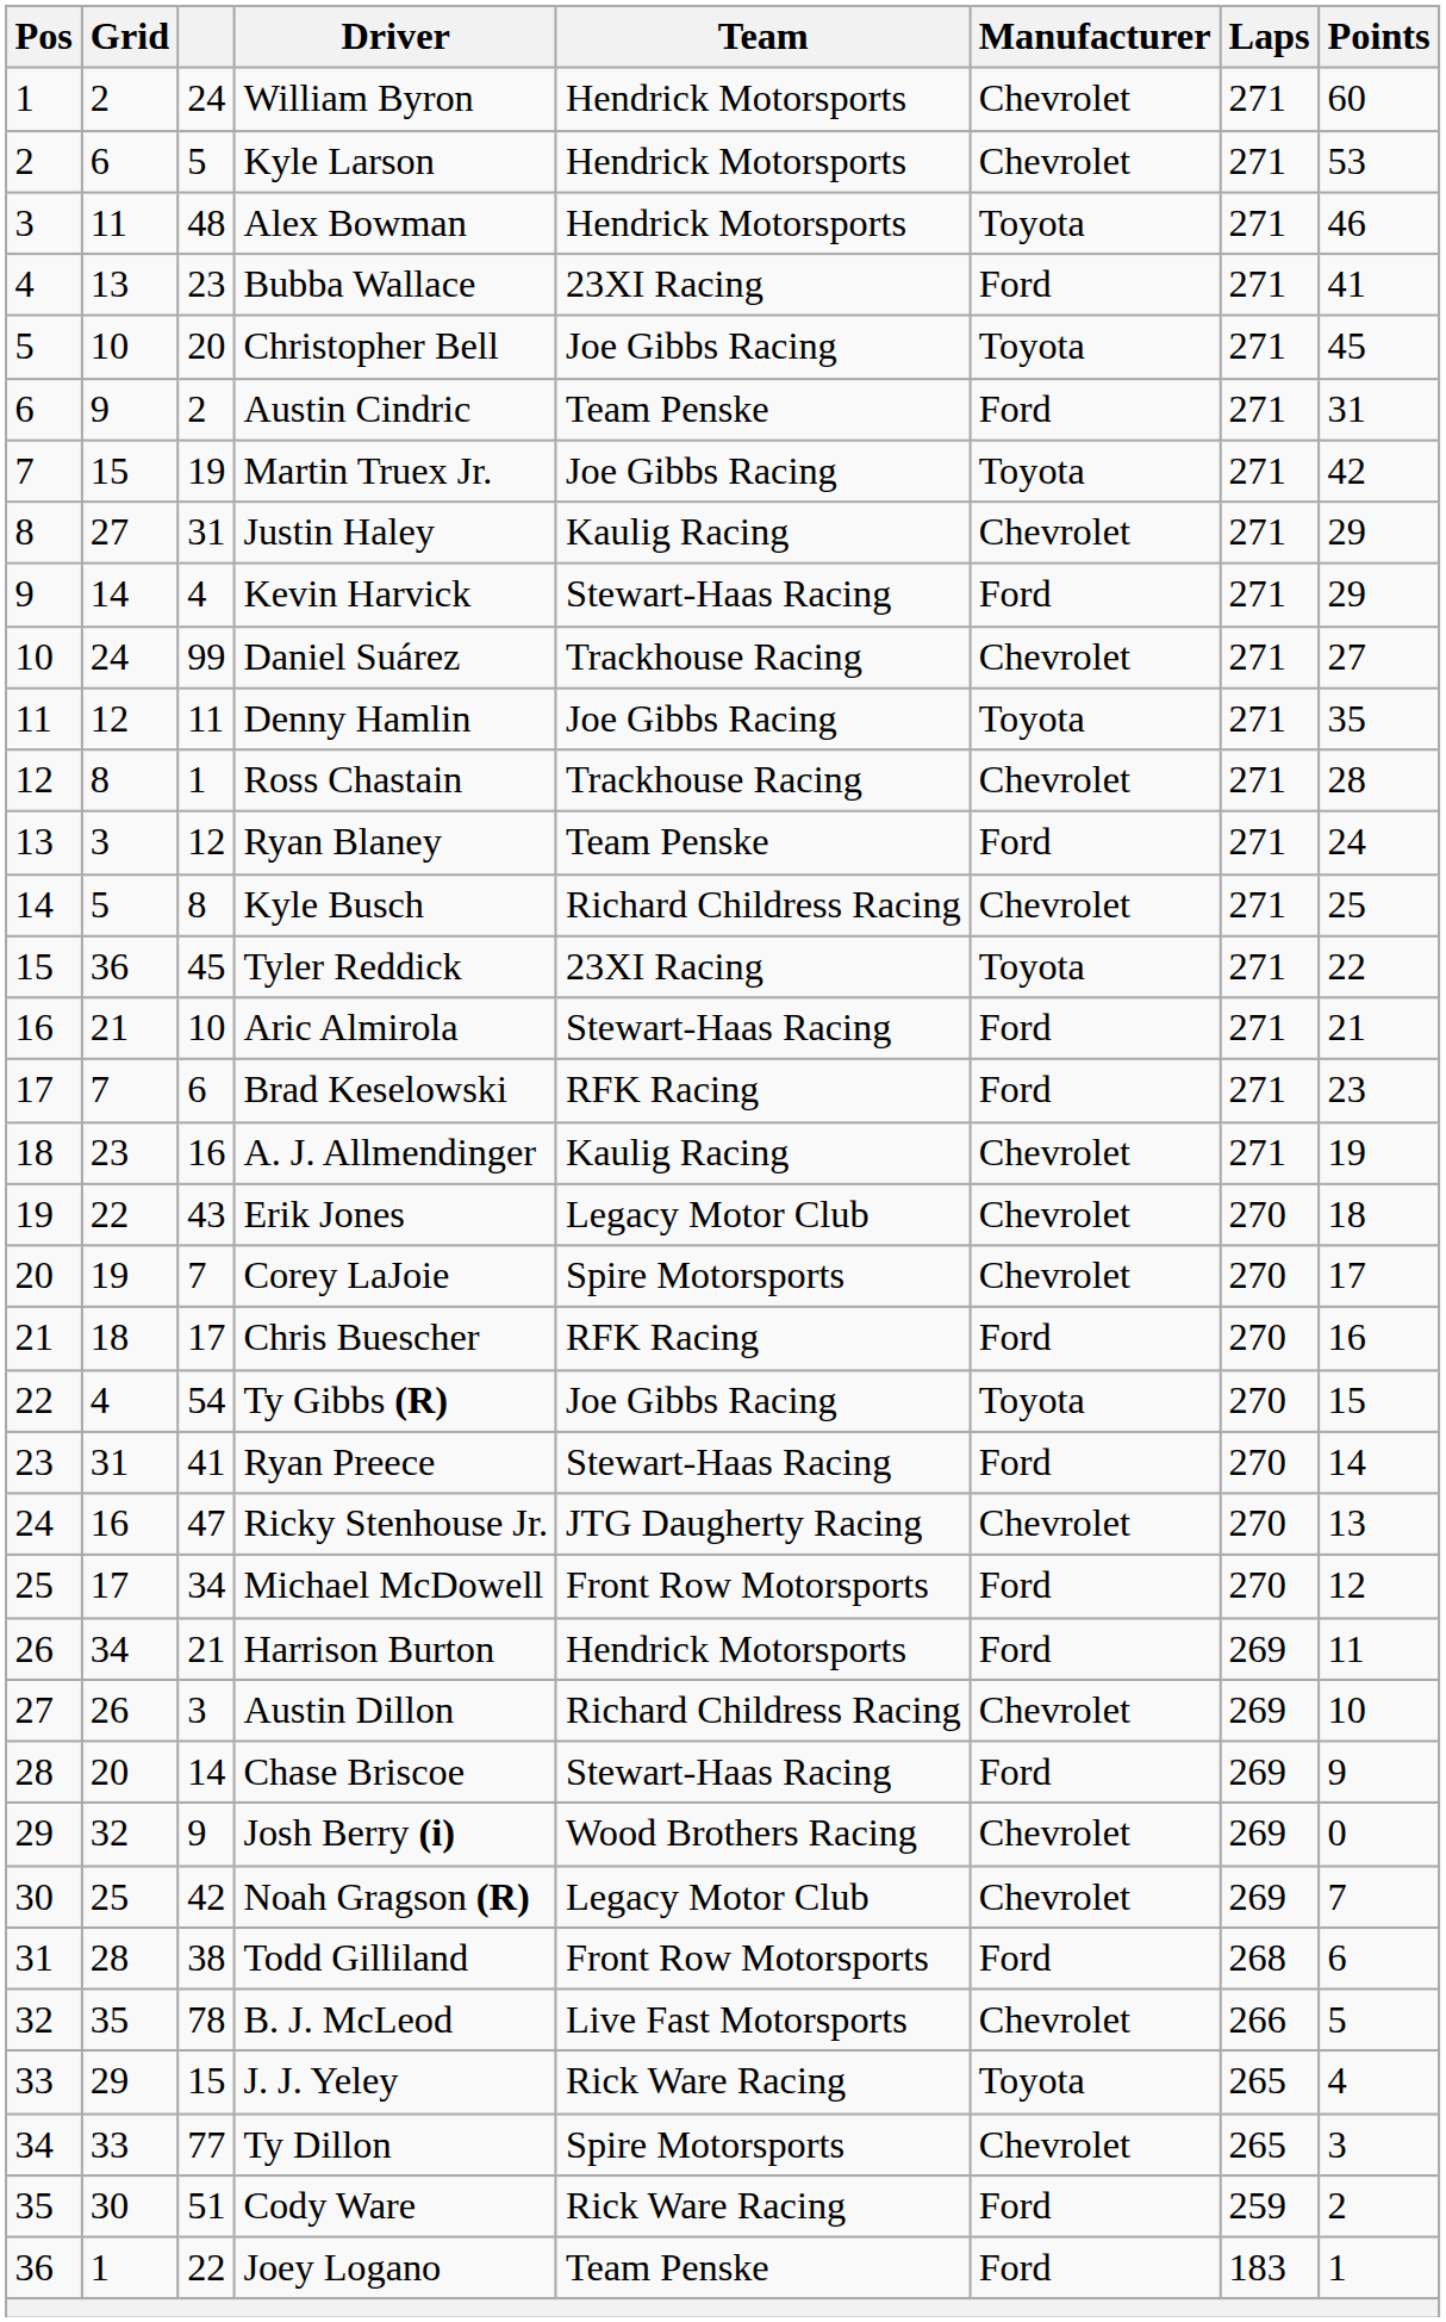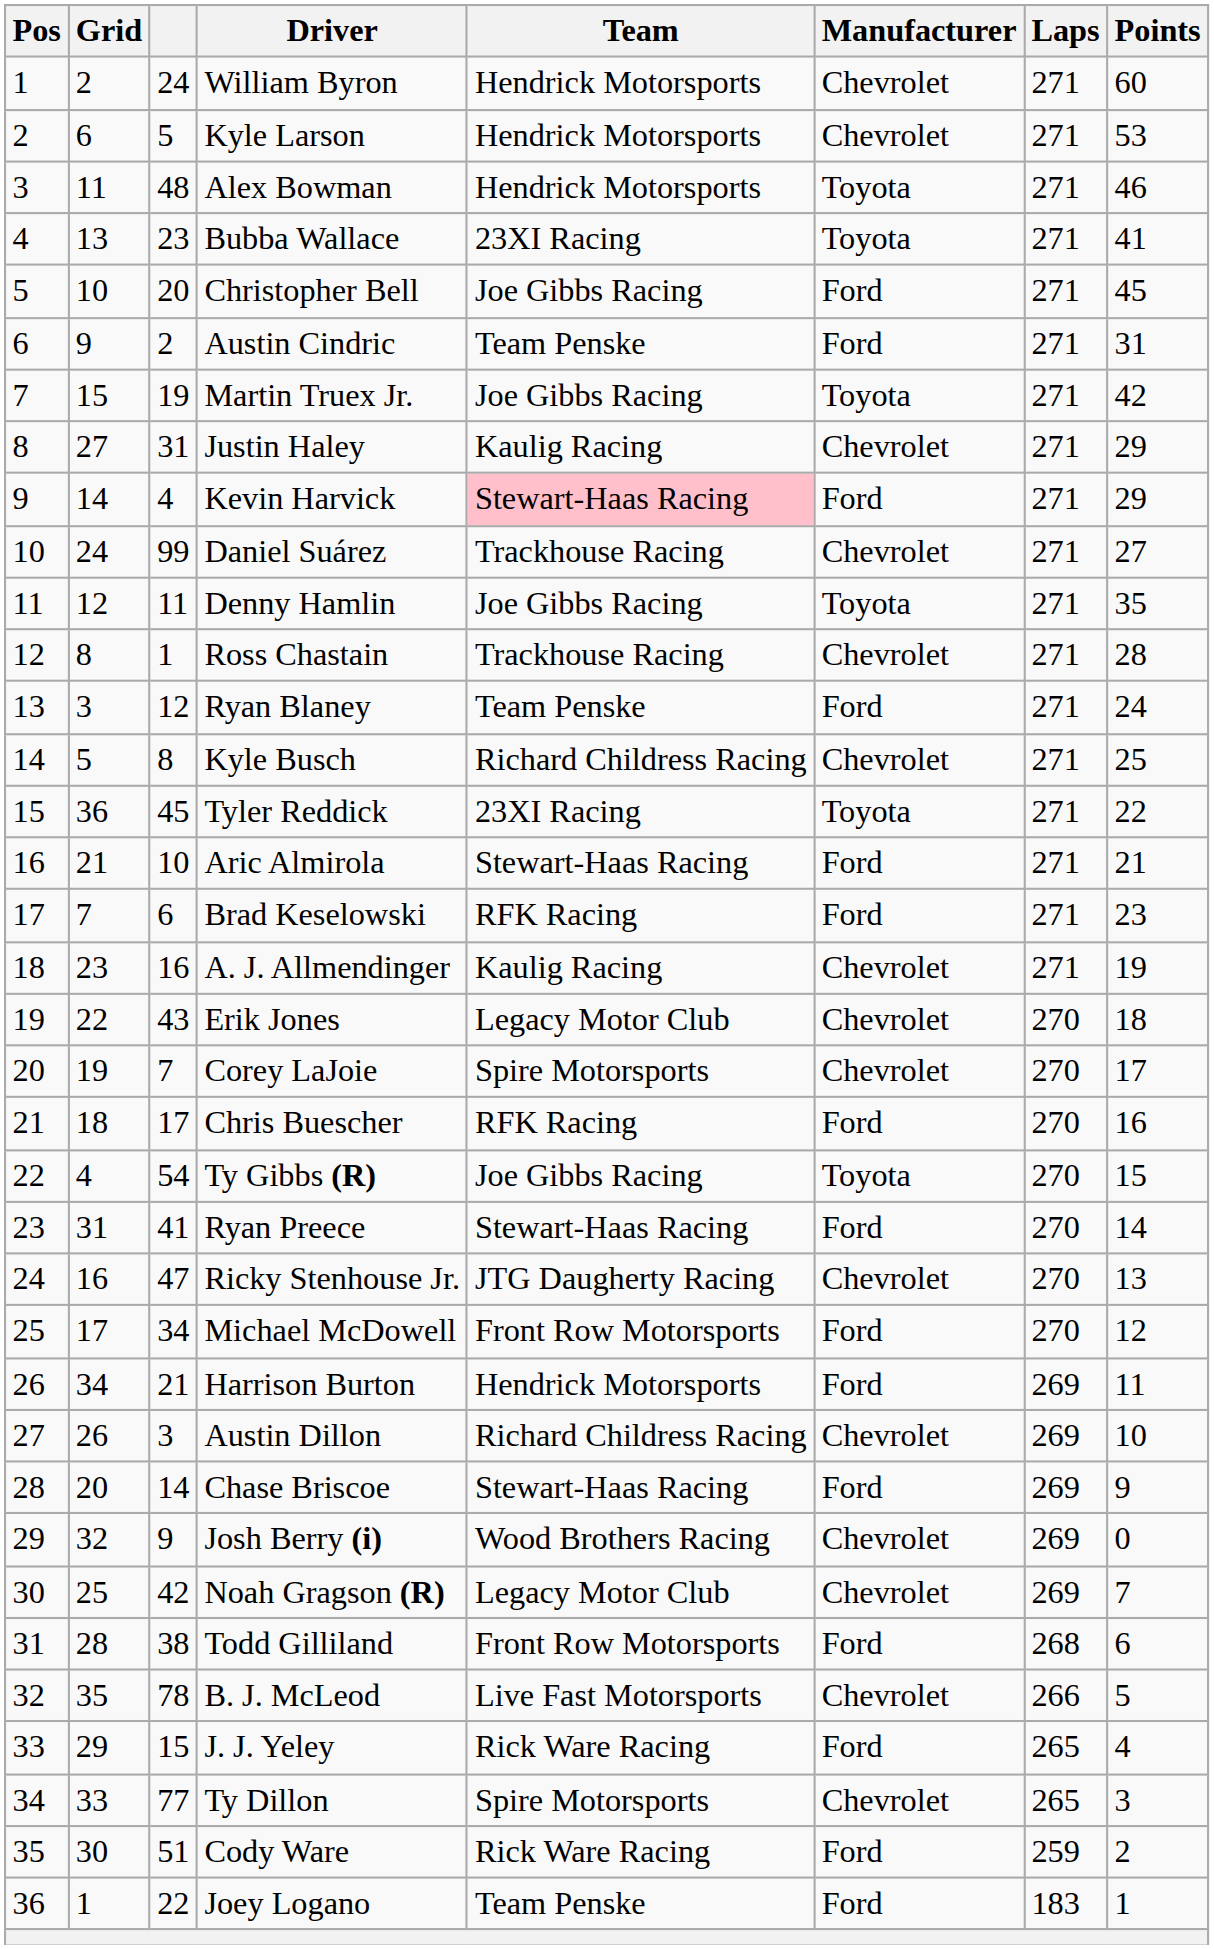 <table class="wikitable" style="font-size:98%">
 <tr>
 <th>Pos</th>
 <th>Grid</th>
 <th></th>
 <th>Driver</th>
 <th>Team</th>
 <th>Manufacturer</th>
 <th>Laps</th>
 <th>Points</th>
 </tr>
 <tr>
 <td>1</td>
 <td>2</td>
 <td>24</td>
 <td>William Byron</td>
 <td>Hendrick Motorsports</td>
 <td>Chevrolet</td>
 <td>271</td>
 <td>60</td>
 </tr>
 <tr>
 <td>2</td>
 <td>6</td>
 <td>5</td>
 <td>Kyle Larson</td>
 <td>Hendrick Motorsports</td>
 <td>Chevrolet</td>
 <td>271</td>
 <td>53</td>
 </tr>
 <tr>
 <td>3</td>
 <td>11</td>
 <td>48</td>
 <td>Alex Bowman</td>
 <td>Hendrick Motorsports</td>
 <td>Toyota</td>
 <td>271</td>
 <td>46</td>
 </tr>
 <tr>
 <td>4</td>
 <td>13</td>
 <td>23</td>
 <td>Bubba Wallace</td>
 <td>23XI Racing</td>
-<td>Ford</td>
+<td>Toyota</td>
 <td>271</td>
 <td>41</td>
 </tr>
 <tr>
 <td>5</td>
 <td>10</td>
 <td>20</td>
 <td>Christopher Bell</td>
 <td>Joe Gibbs Racing</td>
-<td>Toyota</td>
+<td>Ford</td>
 <td>271</td>
 <td>45</td>
 </tr>
 <tr>
 <td>6</td>
 <td>9</td>
 <td>2</td>
 <td>Austin Cindric</td>
 <td>Team Penske</td>
 <td>Ford</td>
 <td>271</td>
 <td>31</td>
 </tr>
 <tr>
 <td>7</td>
 <td>15</td>
 <td>19</td>
 <td>Martin Truex Jr.</td>
 <td>Joe Gibbs Racing</td>
 <td>Toyota</td>
 <td>271</td>
 <td>42</td>
 </tr>
 <tr>
 <td>8</td>
 <td>27</td>
 <td>31</td>
 <td>Justin Haley</td>
 <td>Kaulig Racing</td>
 <td>Chevrolet</td>
 <td>271</td>
 <td>29</td>
 </tr>
 <tr>
 <td>9</td>
 <td>14</td>
 <td>4</td>
 <td>Kevin Harvick</td>
-<td>Stewart-Haas Racing</td>
+<td style="background: pink;">Stewart-Haas Racing</td>
 <td>Ford</td>
 <td>271</td>
 <td>29</td>
 </tr>
 <tr>
 <td>10</td>
 <td>24</td>
 <td>99</td>
 <td>Daniel Suárez</td>
 <td>Trackhouse Racing</td>
 <td>Chevrolet</td>
 <td>271</td>
 <td>27</td>
 </tr>
 <tr>
 <td>11</td>
 <td>12</td>
 <td>11</td>
 <td>Denny Hamlin</td>
 <td>Joe Gibbs Racing</td>
 <td>Toyota</td>
 <td>271</td>
 <td>35</td>
 </tr>
 <tr>
 <td>12</td>
 <td>8</td>
 <td>1</td>
 <td>Ross Chastain</td>
 <td>Trackhouse Racing</td>
 <td>Chevrolet</td>
 <td>271</td>
 <td>28</td>
 </tr>
 <tr>
 <td>13</td>
 <td>3</td>
 <td>12</td>
 <td>Ryan Blaney</td>
 <td>Team Penske</td>
 <td>Ford</td>
 <td>271</td>
 <td>24</td>
 </tr>
 <tr>
 <td>14</td>
 <td>5</td>
 <td>8</td>
 <td>Kyle Busch</td>
 <td>Richard Childress Racing</td>
 <td>Chevrolet</td>
 <td>271</td>
 <td>25</td>
 </tr>
 <tr>
 <td>15</td>
 <td>36</td>
 <td>45</td>
 <td>Tyler Reddick</td>
 <td>23XI Racing</td>
 <td>Toyota</td>
 <td>271</td>
 <td>22</td>
 </tr>
 <tr>
 <td>16</td>
 <td>21</td>
 <td>10</td>
 <td>Aric Almirola</td>
 <td>Stewart-Haas Racing</td>
 <td>Ford</td>
 <td>271</td>
 <td>21</td>
 </tr>
 <tr>
 <td>17</td>
 <td>7</td>
 <td>6</td>
 <td>Brad Keselowski</td>
 <td>RFK Racing</td>
 <td>Ford</td>
 <td>271</td>
 <td>23</td>
 </tr>
 <tr>
 <td>18</td>
 <td>23</td>
 <td>16</td>
 <td>A. J. Allmendinger</td>
 <td>Kaulig Racing</td>
 <td>Chevrolet</td>
 <td>271</td>
 <td>19</td>
 </tr>
 <tr>
 <td>19</td>
 <td>22</td>
 <td>43</td>
 <td>Erik Jones</td>
 <td>Legacy Motor Club</td>
 <td>Chevrolet</td>
 <td>270</td>
 <td>18</td>
 </tr>
 <tr>
 <td>20</td>
 <td>19</td>
 <td>7</td>
 <td>Corey LaJoie</td>
 <td>Spire Motorsports</td>
 <td>Chevrolet</td>
 <td>270</td>
 <td>17</td>
 </tr>
 <tr>
 <td>21</td>
 <td>18</td>
 <td>17</td>
 <td>Chris Buescher</td>
 <td>RFK Racing</td>
 <td>Ford</td>
 <td>270</td>
 <td>16</td>
 </tr>
 <tr>
 <td>22</td>
 <td>4</td>
 <td>54</td>
 <td>Ty Gibbs <strong>(R)</strong></td>
 <td>Joe Gibbs Racing</td>
 <td>Toyota</td>
 <td>270</td>
 <td>15</td>
 </tr>
 <tr>
 <td>23</td>
 <td>31</td>
 <td>41</td>
 <td>Ryan Preece</td>
 <td>Stewart-Haas Racing</td>
 <td>Ford</td>
 <td>270</td>
 <td>14</td>
 </tr>
 <tr>
 <td>24</td>
 <td>16</td>
 <td>47</td>
 <td>Ricky Stenhouse Jr.</td>
 <td>JTG Daugherty Racing</td>
 <td>Chevrolet</td>
 <td>270</td>
 <td>13</td>
 </tr>
 <tr>
 <td>25</td>
 <td>17</td>
 <td>34</td>
 <td>Michael McDowell</td>
 <td>Front Row Motorsports</td>
 <td>Ford</td>
 <td>270</td>
 <td>12</td>
 </tr>
 <tr>
 <td>26</td>
 <td>34</td>
 <td>21</td>
 <td>Harrison Burton</td>
 <td>Hendrick Motorsports</td>
 <td>Ford</td>
 <td>269</td>
 <td>11</td>
 </tr>
 <tr>
 <td>27</td>
 <td>26</td>
 <td>3</td>
 <td>Austin Dillon</td>
 <td>Richard Childress Racing</td>
 <td>Chevrolet</td>
 <td>269</td>
 <td>10</td>
 </tr>
 <tr>
 <td>28</td>
 <td>20</td>
 <td>14</td>
 <td>Chase Briscoe</td>
 <td>Stewart-Haas Racing</td>
 <td>Ford</td>
 <td>269</td>
 <td>9</td>
 </tr>
 <tr>
 <td>29</td>
 <td>32</td>
 <td>9</td>
 <td>Josh Berry <strong>(i)</strong></td>
 <td>Wood Brothers Racing</td>
 <td>Chevrolet</td>
 <td>269</td>
 <td>0</td>
 </tr>
 <tr>
 <td>30</td>
 <td>25</td>
 <td>42</td>
 <td>Noah Gragson <strong>(R)</strong></td>
 <td>Legacy Motor Club</td>
 <td>Chevrolet</td>
 <td>269</td>
 <td>7</td>
 </tr>
 <tr>
 <td>31</td>
 <td>28</td>
 <td>38</td>
 <td>Todd Gilliland</td>
 <td>Front Row Motorsports</td>
 <td>Ford</td>
 <td>268</td>
 <td>6</td>
 </tr>
 <tr>
 <td>32</td>
 <td>35</td>
 <td>78</td>
 <td>B. J. McLeod</td>
 <td>Live Fast Motorsports</td>
 <td>Chevrolet</td>
 <td>266</td>
 <td>5</td>
 </tr>
 <tr>
 <td>33</td>
 <td>29</td>
 <td>15</td>
 <td>J. J. Yeley</td>
 <td>Rick Ware Racing</td>
-<td>Toyota</td>
+<td>Ford</td>
 <td>265</td>
 <td>4</td>
 </tr>
 <tr>
 <td>34</td>
 <td>33</td>
 <td>77</td>
 <td>Ty Dillon</td>
 <td>Spire Motorsports</td>
 <td>Chevrolet</td>
 <td>265</td>
 <td>3</td>
 </tr>
 <tr>
 <td>35</td>
 <td>30</td>
 <td>51</td>
 <td>Cody Ware</td>
 <td>Rick Ware Racing</td>
 <td>Ford</td>
 <td>259</td>
 <td>2</td>
 </tr>
 <tr>
 <td>36</td>
 <td>1</td>
 <td>22</td>
 <td>Joey Logano</td>
 <td>Team Penske</td>
 <td>Ford</td>
 <td>183</td>
 <td>1</td>
 </tr>
 <tr>
 <th colspan="8"></th>
 </tr>
 </table>
